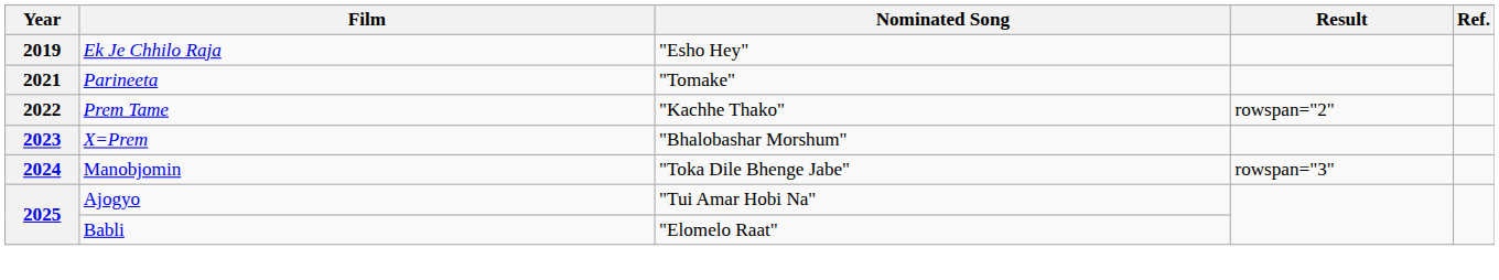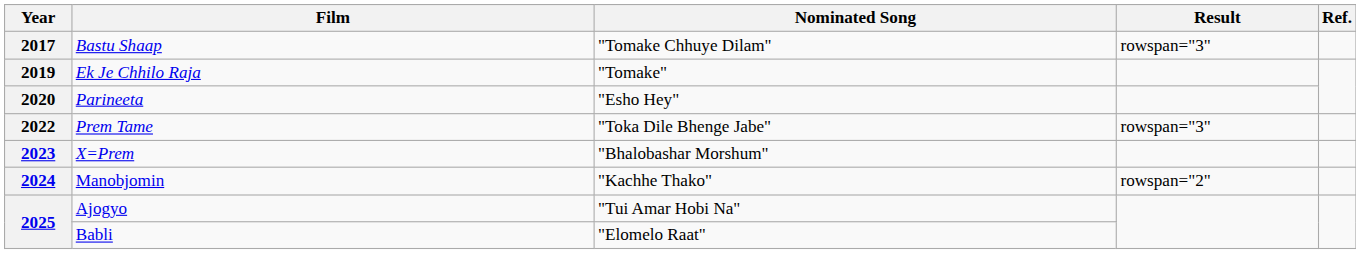 <table class="wikitable plainrowheaders" width="100%" "textcolor:#000;">
 <tr>
 <th scope="col" width=5%><strong>Year</strong></th>
 <th scope="col" width=39%><strong>Film</strong></th>
 <th scope="col" width=39%><strong>Nominated Song</strong></th>
 <th scope="col" width=15%><strong>Result</strong></th>
 <th scope="col" width=2%><strong>Ref.</strong></th>
 </tr>
 <tr>
-<th scope="rows">2019</th>
-<td><em><a href='#'>Ek Je Chhilo Raja</a></em></td>
-<td>"Esho Hey"</td>
+<th scope="rows">2017</th>
+<td><em><a href='#'>Bastu Shaap</a></em></td>
+<td>"Tomake Chhuye Dilam"</td>
+<td>rowspan="3" </td>
 <td></td>
 </tr>
 <tr>
-<th scope="rows">2021</th>
+<th scope="rows">2019</th>
+<td><em><a href='#'>Ek Je Chhilo Raja</a></em></td>
+<td>"Tomake"</td>
+<td></td>
+</tr>
+<tr>
+<th scope="rows">2020</th>
 <td><a href='#'><em>Parineeta</em></a></td>
-<td>"Tomake"</td>
+<td>"Esho Hey"</td>
 <td></td>
 </tr>
 <tr>
 <th scope="rows">2022</th>
 <td><em><a href='#'>Prem Tame</a></em></td>
-<td>"Kachhe Thako"</td>
-<td>rowspan="2"</td>
+<td>"Toka Dile Bhenge Jabe"</td>
+<td>rowspan="3" </td>
 <td></td>
 </tr>
 <tr>
 <th scope="row"><a href='#'>2023</a></th>
 <td><em><a href='#'>X=Prem</a></em></td>
 <td>"Bhalobashar Morshum"</td>
 <td></td>
 </tr>
 <tr>
 <th scope="row"><a href='#'>2024</a></th>
 <td><a href='#'>Manobjomin</a></td>
-<td>"Toka Dile Bhenge Jabe"</td>
-<td>rowspan="3" </td>
+<td>"Kachhe Thako"</td>
+<td>rowspan="2"</td>
 <td></td>
 </tr>
 <tr>
 <th scope="row" rowspan="2"><a href='#'>2025</a></th>
 <td><a href='#'>Ajogyo</a></td>
 <td>"Tui Amar Hobi Na"</td>
 <td rowspan="2"></td>
 </tr>
 <tr>
 <td><a href='#'>Babli</a></td>
 <td>"Elomelo Raat"</td>
 </tr>
 </table>
